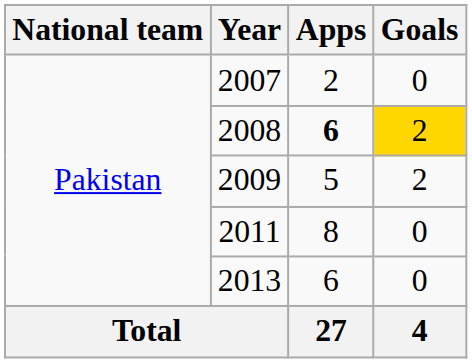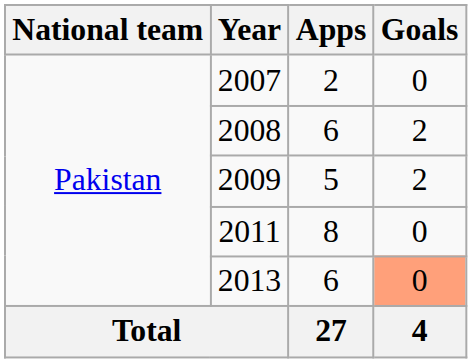 <table class="wikitable" style="text-align: center;">
 <tr>
 <th>National team</th>
 <th>Year</th>
 <th>Apps</th>
 <th>Goals</th>
 </tr>
 <tr>
 <td rowspan="5"><a href='#'>Pakistan</a></td>
 <td>2007</td>
 <td>2</td>
 <td>0</td>
 </tr>
 <tr>
 <td>2008</td>
-<td><strong>6</strong></td>
-<td style="background: gold;">2</td>
+<td>6</td>
+<td>2</td>
 </tr>
 <tr>
 <td>2009</td>
 <td>5</td>
 <td>2</td>
 </tr>
 <tr>
 <td>2011</td>
 <td>8</td>
 <td>0</td>
 </tr>
 <tr>
 <td>2013</td>
 <td>6</td>
-<td>0</td>
+<td style="background: lightsalmon;">0</td>
 </tr>
 <tr>
 <th colspan="2">Total</th>
 <th>27</th>
 <th>4</th>
 </tr>
 </table>
